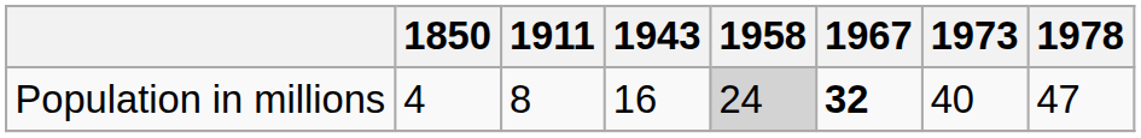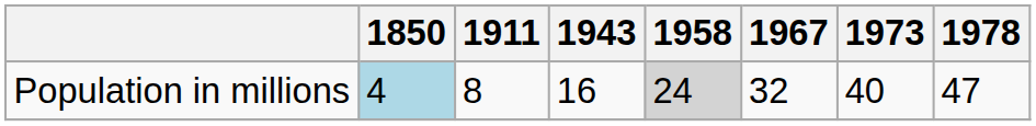 <table class="wikitable">
 <tr>
 <th></th>
 <th>1850</th>
 <th>1911</th>
 <th>1943</th>
 <th>1958</th>
 <th>1967</th>
 <th>1973</th>
 <th>1978</th>
 </tr>
 <tr>
 <td>Population in millions</td>
-<td>4</td>
+<td style="background: lightblue;">4</td>
 <td>8</td>
 <td>16</td>
 <td style="background: lightgrey;">24</td>
-<td><strong>32</strong></td>
+<td>32</td>
 <td>40</td>
 <td>47</td>
 </tr>
 <tr>
 </tr>
 </table>
